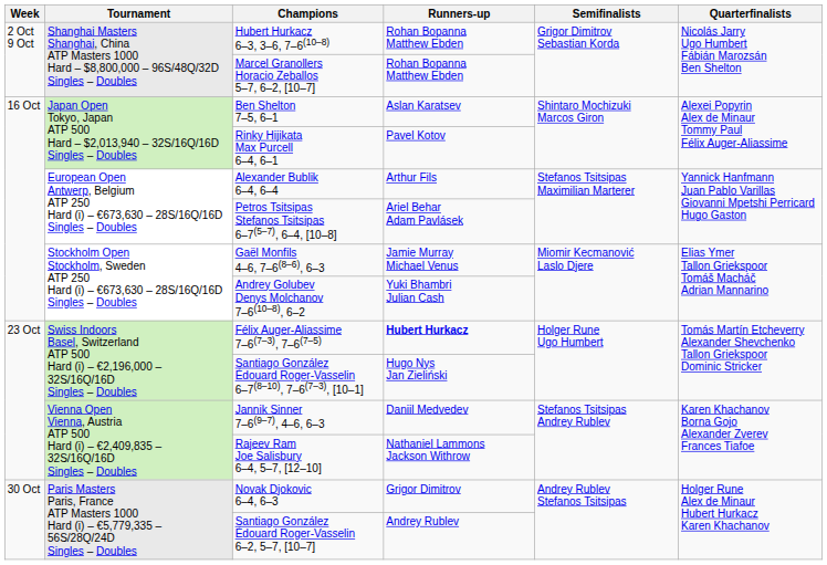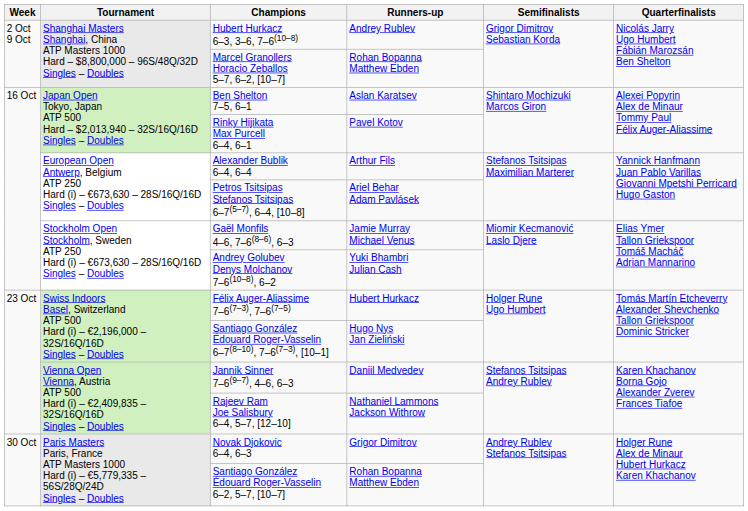 <table class=wikitable style=font-size:95%>
 <tr>
 <th style="width:48px;">Week</th>
 <th style="width:250px;">Tournament</th>
 <th style="width:200px;">Champions</th>
 <th style="width:200px;">Runners-up</th>
 <th style="width:190px;">Semifinalists</th>
 <th style="width:190px;">Quarterfinalists</th>
 </tr>
 <tr valign="top">
 <td rowspan=2>2 Oct <br> 9 Oct</td>
 <td style="background:#e9e9e9;" rowspan=2><a href='#'>Shanghai Masters</a> <br> <a href='#'>Shanghai</a>, China <br> ATP Masters 1000 <br> Hard – $8,800,000 – 96S/48Q/32D <br> <a href='#'>Singles</a> – <a href='#'>Doubles</a></td>
 <td> <a href='#'>Hubert Hurkacz</a> <br> 6–3, 3–6, 7–6<sup>(10–8)</sup></td>
-<td> <a href='#'>Rohan Bopanna</a> <br>  <a href='#'>Matthew Ebden</a></td>
+<td> <a href='#'>Andrey Rublev</a></td>
 <td rowspan=2> <a href='#'>Grigor Dimitrov</a> <br>  <a href='#'>Sebastian Korda</a></td>
 <td rowspan=2> <a href='#'>Nicolás Jarry</a> <br>  <a href='#'>Ugo Humbert</a> <br>  <a href='#'>Fábián Marozsán</a> <br>  <a href='#'>Ben Shelton</a></td>
 </tr>
 <tr valign="top">
 <td align=left> <a href='#'>Marcel Granollers</a> <br>  <a href='#'>Horacio Zeballos</a><br> 5–7, 6–2, [10–7]</td>
 <td> <a href='#'>Rohan Bopanna</a> <br>  <a href='#'>Matthew Ebden</a></td>
 </tr>
 <tr valign=top>
 <td rowspan=6>16 Oct</td>
 <td rowspan=2 style="background:#d0f0c0;"><a href='#'>Japan Open</a> <br> Tokyo, Japan <br> ATP 500 <br> Hard – $2,013,940 – 32S/16Q/16D <br> <a href='#'>Singles</a> – <a href='#'>Doubles</a></td>
 <td> <a href='#'>Ben Shelton</a> <br> 7–5, 6–1</td>
 <td> <a href='#'>Aslan Karatsev</a></td>
 <td rowspan=2> <a href='#'>Shintaro Mochizuki</a> <br>  <a href='#'>Marcos Giron</a></td>
 <td rowspan=2> <a href='#'>Alexei Popyrin</a> <br>  <a href='#'>Alex de Minaur</a> <br>  <a href='#'>Tommy Paul</a> <br>  <a href='#'>Félix Auger-Aliassime</a></td>
 </tr>
 <tr valign="top">
 <td> <a href='#'>Rinky Hijikata</a> <br>  <a href='#'>Max Purcell</a> <br> 6–4, 6–1</td>
 <td> <a href='#'>Pavel Kotov</a></td>
 </tr>
 <tr valign=top>
 <td style="background:#fff;" rowspan=2><a href='#'>European Open</a> <br> <a href='#'>Antwerp</a>, Belgium <br> ATP 250 <br> Hard (i) – €673,630 – 28S/16Q/16D <br> <a href='#'>Singles</a> – <a href='#'>Doubles</a></td>
 <td> <a href='#'>Alexander Bublik</a> <br> 6–4, 6–4</td>
 <td> <a href='#'>Arthur Fils</a></td>
 <td rowspan=2> <a href='#'>Stefanos Tsitsipas</a> <br>  <a href='#'>Maximilian Marterer</a></td>
 <td rowspan=2> <a href='#'>Yannick Hanfmann</a> <br>  <a href='#'>Juan Pablo Varillas</a> <br>  <a href='#'>Giovanni Mpetshi Perricard</a> <br>  <a href='#'>Hugo Gaston</a></td>
 </tr>
 <tr valign="top">
 <td> <a href='#'>Petros Tsitsipas</a> <br>  <a href='#'>Stefanos Tsitsipas</a> <br> 6–7<sup>(5–7)</sup>, 6–4, [10–8]</td>
 <td> <a href='#'>Ariel Behar</a> <br>  <a href='#'>Adam Pavlásek</a></td>
 </tr>
 <tr valign=top>
 <td style="background:#fff;" rowspan=2><a href='#'>Stockholm Open</a><br><a href='#'>Stockholm</a>, Sweden<br>ATP 250 <br>Hard (i) – €673,630 – 28S/16Q/16D <br><a href='#'>Singles</a> – <a href='#'>Doubles</a></td>
 <td> <a href='#'>Gaël Monfils</a> <br> 4–6, 7–6<sup>(8–6)</sup>, 6–3</td>
 <td> <a href='#'>Jamie Murray</a> <br>  <a href='#'>Michael Venus</a></td>
 <td rowspan=2> <a href='#'>Miomir Kecmanović</a> <br>  <a href='#'>Laslo Djere</a></td>
 <td rowspan=2> <a href='#'>Elias Ymer</a> <br>  <a href='#'>Tallon Griekspoor</a> <br>  <a href='#'>Tomáš Macháč</a> <br>  <a href='#'>Adrian Mannarino</a></td>
 </tr>
 <tr valign="top">
 <td> <a href='#'>Andrey Golubev</a> <br>  <a href='#'>Denys Molchanov</a> <br> 7–6<sup>(10–8)</sup>, 6–2</td>
 <td> <a href='#'>Yuki Bhambri</a> <br>  <a href='#'>Julian Cash</a></td>
 </tr>
 <tr valign=top>
 <td rowspan=4>23 Oct</td>
 <td style="background:#d0f0c0;" rowspan=2><a href='#'>Swiss Indoors</a> <br> <a href='#'>Basel</a>, Switzerland <br> ATP 500 <br> Hard (i) – €2,196,000 – 32S/16Q/16D <br> <a href='#'>Singles</a> – <a href='#'>Doubles</a></td>
 <td> <a href='#'>Félix Auger-Aliassime</a> <br> 7–6<sup>(7–3)</sup>, 7–6<sup>(7–5)</sup></td>
-<td><strong> <a href='#'>Hubert Hurkacz</a></strong></td>
+<td> <a href='#'>Hubert Hurkacz</a></td>
 <td rowspan=2> <a href='#'>Holger Rune</a> <br>  <a href='#'>Ugo Humbert</a></td>
 <td rowspan=2> <a href='#'>Tomás Martín Etcheverry</a> <br>  <a href='#'>Alexander Shevchenko</a> <br>  <a href='#'>Tallon Griekspoor</a> <br>  <a href='#'>Dominic Stricker</a></td>
 </tr>
 <tr valign="top">
 <td> <a href='#'>Santiago González</a> <br>  <a href='#'>Édouard Roger-Vasselin</a> <br> 6–7<sup>(8–10)</sup>, 7–6<sup>(7–3)</sup>, [10–1]</td>
 <td> <a href='#'>Hugo Nys</a> <br>  <a href='#'>Jan Zieliński</a></td>
 </tr>
 <tr valign="top">
 <td style="background:#d0f0c0;" rowspan=2><a href='#'>Vienna Open</a> <br> <a href='#'>Vienna</a>, Austria <br> ATP 500 <br> Hard (i) – €2,409,835 – 32S/16Q/16D <br> <a href='#'>Singles</a> – <a href='#'>Doubles</a></td>
 <td> <a href='#'>Jannik Sinner</a> <br> 7–6<sup>(9–7)</sup>, 4–6, 6–3</td>
 <td> <a href='#'>Daniil Medvedev</a></td>
 <td rowspan=2> <a href='#'>Stefanos Tsitsipas</a> <br>  <a href='#'>Andrey Rublev</a></td>
 <td rowspan=2> <a href='#'>Karen Khachanov</a> <br>  <a href='#'>Borna Gojo</a> <br>  <a href='#'>Alexander Zverev</a> <br>  <a href='#'>Frances Tiafoe</a></td>
 </tr>
 <tr valign="top">
 <td> <a href='#'>Rajeev Ram</a> <br>  <a href='#'>Joe Salisbury</a> <br> 6–4, 5–7, [12–10]</td>
 <td> <a href='#'>Nathaniel Lammons</a> <br>  <a href='#'>Jackson Withrow</a></td>
 </tr>
 <tr style="vertical-align:top">
 <td rowspan=2>30 Oct</td>
 <td style="background:#e9e9e9;" rowspan=2><a href='#'>Paris Masters</a> <br> Paris, France <br> ATP Masters 1000 <br> Hard (i) – €5,779,335 – 56S/28Q/24D <br> <a href='#'>Singles</a> – <a href='#'>Doubles</a></td>
 <td> <a href='#'>Novak Djokovic</a> <br> 6–4, 6–3</td>
 <td> <a href='#'>Grigor Dimitrov</a></td>
 <td rowspan=2> <a href='#'>Andrey Rublev</a> <br>  <a href='#'>Stefanos Tsitsipas</a></td>
 <td rowspan=2> <a href='#'>Holger Rune</a> <br>  <a href='#'>Alex de Minaur</a> <br>  <a href='#'>Hubert Hurkacz</a> <br>  <a href='#'>Karen Khachanov</a></td>
 </tr>
 <tr valign="top">
 <td> <a href='#'>Santiago González</a> <br>  <a href='#'>Édouard Roger-Vasselin</a> <br> 6–2, 5–7, [10–7]</td>
-<td> <a href='#'>Andrey Rublev</a></td>
+<td> <a href='#'>Rohan Bopanna</a> <br>  <a href='#'>Matthew Ebden</a></td>
 </tr>
 </table>
